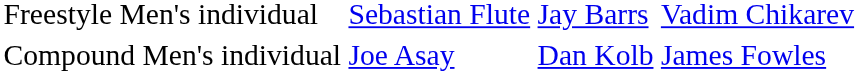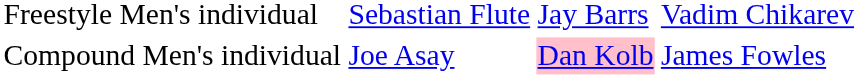 <table>
 <tr>
 <td>Freestyle Men's individual<br></td>
 <td> <a href='#'>Sebastian Flute</a></td>
 <td> <a href='#'>Jay Barrs</a></td>
 <td> <a href='#'>Vadim Chikarev</a></td>
 </tr>
 <tr>
 <td>Compound Men's individual<br></td>
 <td> <a href='#'>Joe Asay</a></td>
-<td> <a href='#'>Dan Kolb</a></td>
+<td style="background: pink;"> <a href='#'>Dan Kolb</a></td>
 <td> <a href='#'>James Fowles</a></td>
 </tr>
 </table>
